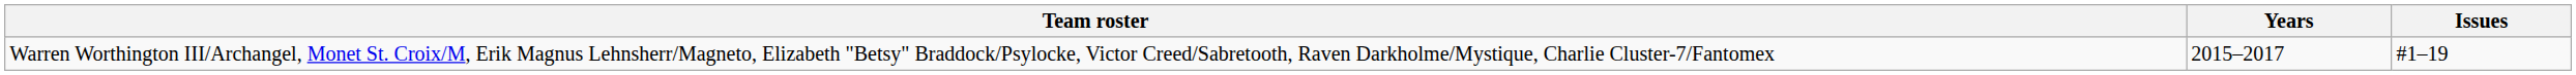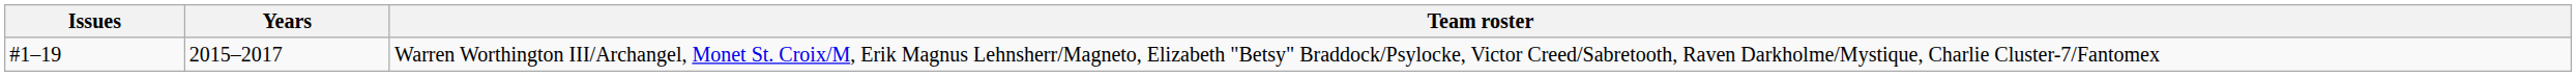 <table class="wikitable" width="100%">
 <tr>
+<th scope="col" width="7%">Issues</th>
+<th scope="col" width="8%">Years</th>
 <th scope="col" width="85%">Team roster</th>
-<th scope="col" width="8%">Years</th>
-<th scope="col" width="7%">Issues</th>
 </tr>
 <tr>
+<td>#1–19</td>
+<td>2015–2017</td>
 <td>Warren Worthington III/Archangel, <a href='#'>Monet St. Croix/M</a>, Erik Magnus Lehnsherr/Magneto, Elizabeth "Betsy" Braddock/Psylocke, Victor Creed/Sabretooth, Raven Darkholme/Mystique, Charlie Cluster-7/Fantomex</td>
-<td>2015–2017</td>
-<td>#1–19</td>
 </tr>
 </table>
